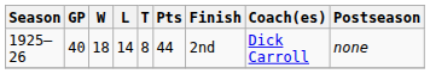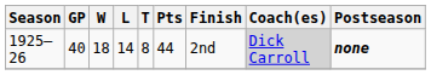 <table class="wikitable" width=39%>
 <tr>
 <th>Season</th>
 <th>GP</th>
 <th>W</th>
 <th>L</th>
 <th>T</th>
 <th>Pts</th>
 <th>Finish</th>
 <th>Coach(es)</th>
 <th>Postseason</th>
 </tr>
 <tr>
 <td>1925–26</td>
 <td>40</td>
 <td>18</td>
 <td>14</td>
 <td>8</td>
 <td>44</td>
 <td>2nd</td>
-<td><a href='#'>Dick Carroll</a></td>
-<td><em>none</em></td>
+<td style="background: lightgrey;"><a href='#'>Dick Carroll</a></td>
+<td><strong><em>none</em></strong></td>
 </tr>
 <tr>
 </tr>
 </table>
